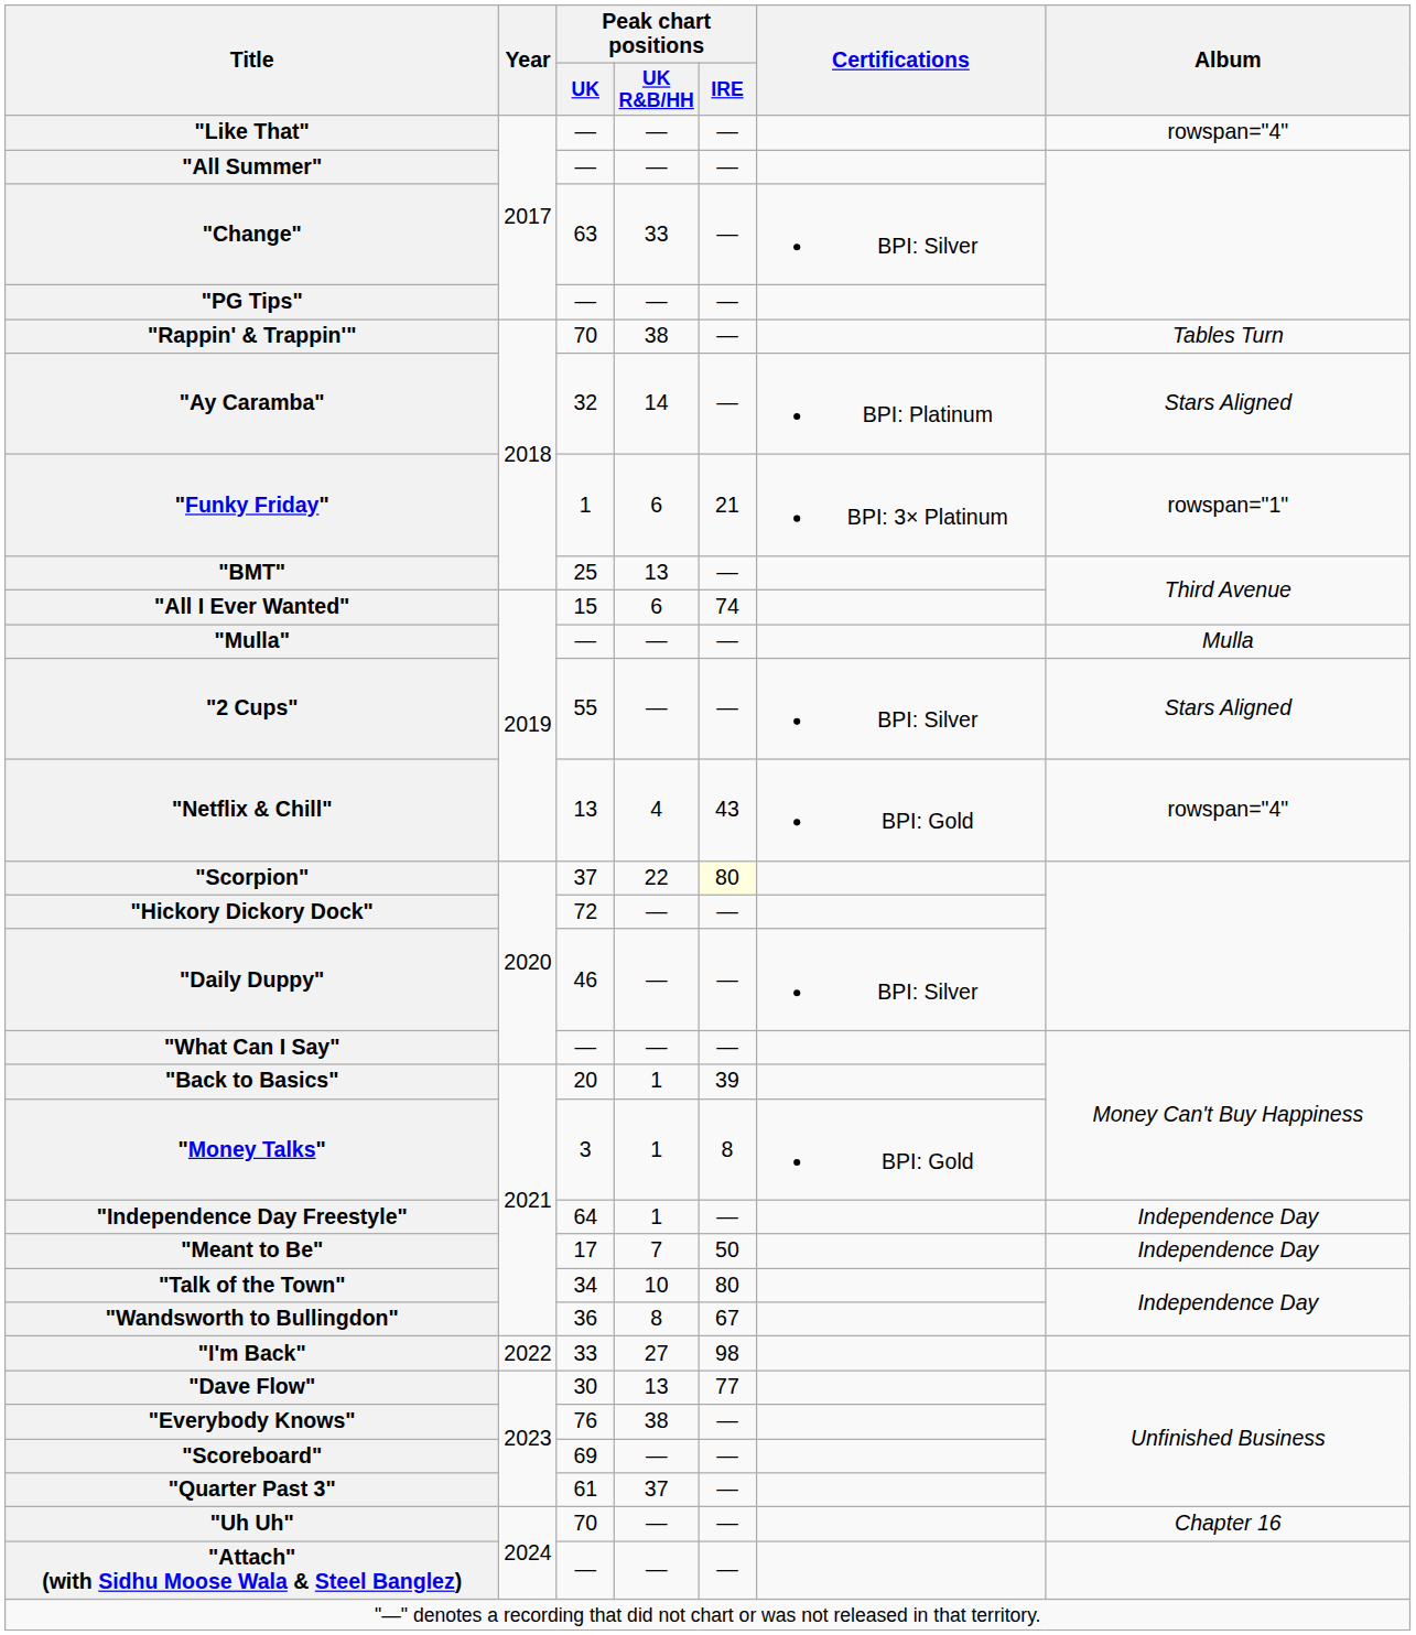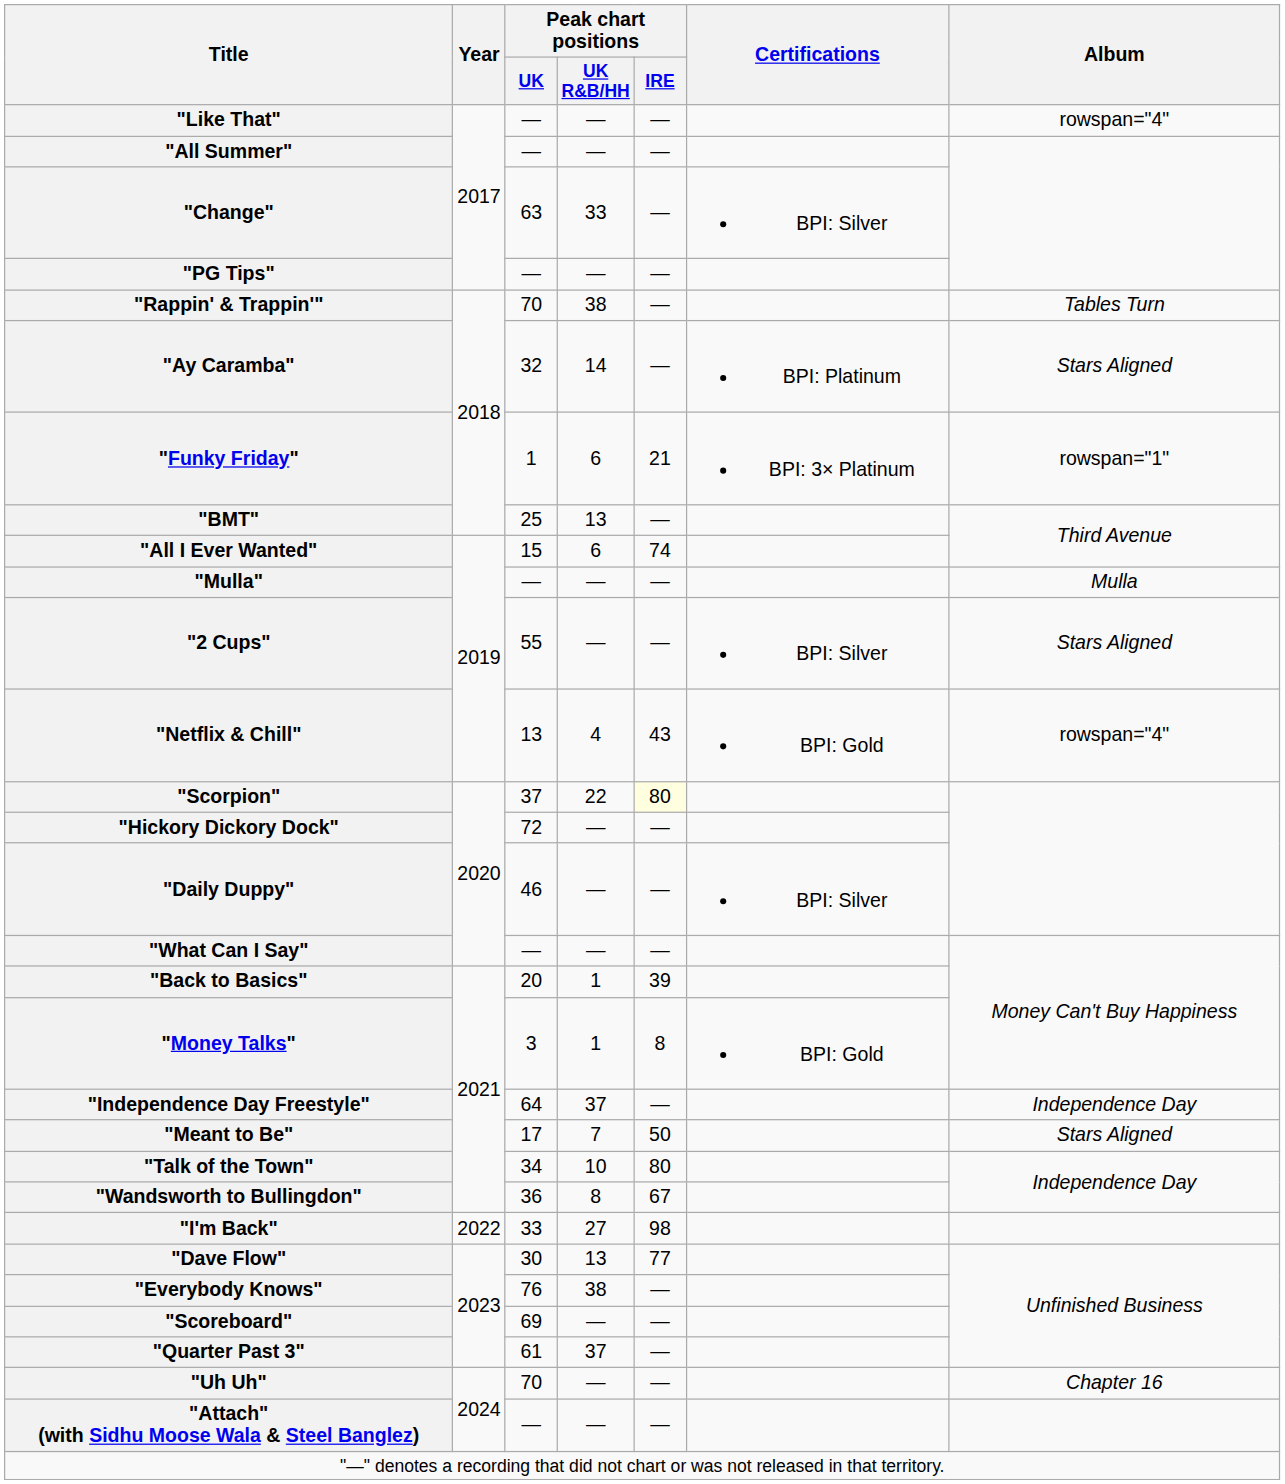 <table class="wikitable plainrowheaders" style="text-align:center;">
 <tr>
 <th scope="col" rowspan="2" style="width:22.5em;">Title</th>
 <th scope="col" rowspan="2" style="width:1em;">Year</th>
 <th scope="col" colspan="3">Peak chart positions</th>
 <th scope="col" rowspan="2" style="width:13em;"><a href='#'>Certifications</a></th>
 <th scope="col" rowspan="2" style="width:16.5em;">Album</th>
 </tr>
 <tr>
 <th scope="col" style="width:2.5em;font-size:90%;"><a href='#'>UK</a><br></th>
 <th scope="col" style="width:2.5em;font-size:90%;"><a href='#'>UK<br>R&B/HH</a><br></th>
 <th scope="col" style="width:2.5em;font-size:90%;"><a href='#'>IRE</a><br></th>
 </tr>
 <tr>
 <th scope="row">"Like That"</th>
 <td rowspan="4">2017</td>
 <td>—</td>
 <td>—</td>
 <td>—</td>
 <td></td>
 <td>rowspan="4" </td>
 </tr>
 <tr>
 <th scope="row">"All Summer"<br></th>
 <td>—</td>
 <td>—</td>
 <td>—</td>
 <td></td>
 </tr>
 <tr>
 <th scope="row">"Change"</th>
 <td>63</td>
 <td>33</td>
 <td>—</td>
 <td><br><ul><li>BPI: Silver</li></ul></td>
 </tr>
 <tr>
 <th scope="row">"PG Tips"<br></th>
 <td>—</td>
 <td>—</td>
 <td>—</td>
 <td></td>
 </tr>
 <tr>
 <th scope="row">"Rappin' & Trappin'"</th>
 <td rowspan="4">2018</td>
 <td>70</td>
 <td>38</td>
 <td>—</td>
 <td></td>
 <td><em>Tables Turn</em></td>
 </tr>
 <tr>
 <th scope="row">"Ay Caramba"<br></th>
 <td>32</td>
 <td>14</td>
 <td>—</td>
 <td><br><ul><li>BPI: Platinum</li></ul></td>
 <td><em>Stars Aligned</em></td>
 </tr>
 <tr>
 <th scope="row">"<a href='#'>Funky Friday</a>"<br></th>
 <td>1</td>
 <td>6</td>
 <td>21</td>
 <td><br><ul><li>BPI: 3× Platinum</li></ul></td>
 <td>rowspan="1" </td>
 </tr>
 <tr>
 <th scope="row">"BMT"</th>
 <td>25</td>
 <td>13</td>
 <td>—</td>
 <td></td>
 <td rowspan="2"><em>Third Avenue</em></td>
 </tr>
 <tr>
 <th scope="row">"All I Ever Wanted"<br></th>
 <td rowspan="4">2019</td>
 <td>15</td>
 <td>6</td>
 <td>74</td>
 <td></td>
 </tr>
 <tr>
 <th scope="row">"Mulla"<br></th>
 <td>—</td>
 <td>—</td>
 <td>—</td>
 <td></td>
 <td><em>Mulla</em></td>
 </tr>
 <tr>
 <th scope="row">"2 Cups"<br></th>
 <td>55</td>
 <td>—</td>
 <td>—</td>
 <td><br><ul><li>BPI: Silver</li></ul></td>
 <td><em>Stars Aligned</em></td>
 </tr>
 <tr>
 <th scope="row">"Netflix & Chill"</th>
 <td>13</td>
 <td>4</td>
 <td>43</td>
 <td><br><ul><li>BPI: Gold</li></ul></td>
 <td>rowspan="4" </td>
 </tr>
 <tr>
 <th scope="row">"Scorpion"</th>
 <td rowspan="4">2020</td>
 <td>37</td>
 <td>22</td>
 <td style="background: lightyellow;">80</td>
 <td></td>
 </tr>
 <tr>
 <th scope="row">"Hickory Dickory Dock"</th>
 <td>72</td>
 <td>—</td>
 <td>—</td>
 <td></td>
 </tr>
 <tr>
 <th scope="row">"Daily Duppy"<br></th>
 <td>46</td>
 <td>—</td>
 <td>—</td>
 <td><br><ul><li>BPI: Silver</li></ul></td>
 </tr>
 <tr>
 <th scope="row">"What Can I Say"</th>
 <td>—</td>
 <td>—</td>
 <td>—</td>
 <td></td>
 <td rowspan="3"><em>Money Can't Buy Happiness</em></td>
 </tr>
 <tr>
 <th scope="row">"Back to Basics"</th>
 <td rowspan="6">2021</td>
 <td>20</td>
 <td>1</td>
 <td>39</td>
 <td></td>
 </tr>
 <tr>
 <th scope="row">"<a href='#'>Money Talks</a>"<br></th>
 <td>3</td>
 <td>1</td>
 <td>8</td>
 <td><br><ul><li>BPI: Gold</li></ul></td>
 </tr>
 <tr>
 <th scope="row">"Independence Day Freestyle"</th>
 <td>64</td>
-<td>1</td>
+<td>37</td>
 <td>—</td>
 <td></td>
 <td><em>Independence Day</em></td>
 </tr>
 <tr>
 <th scope="row">"Meant to Be"<br></th>
 <td>17</td>
 <td>7</td>
 <td>50</td>
 <td></td>
-<td><em>Independence Day</em></td>
+<td><em>Stars Aligned</em></td>
 </tr>
 <tr>
 <th scope="row">"Talk of the Town"</th>
 <td>34</td>
 <td>10</td>
 <td>80</td>
 <td></td>
 <td rowspan="2"><em>Independence Day</em></td>
 </tr>
 <tr>
 <th scope="row">"Wandsworth to Bullingdon"<br></th>
 <td>36</td>
 <td>8</td>
 <td>67</td>
 <td></td>
 </tr>
 <tr>
 <th scope="row">"I'm Back"</th>
 <td>2022</td>
 <td>33</td>
 <td>27</td>
 <td>98</td>
 <td></td>
 <td></td>
 </tr>
 <tr>
 <th scope="row">"Dave Flow"</th>
 <td rowspan="4">2023</td>
 <td>30</td>
 <td>13</td>
 <td>77<br></td>
 <td></td>
 <td rowspan="4"><em>Unfinished Business</em></td>
 </tr>
 <tr>
 <th scope="row">"Everybody Knows"</th>
 <td>76</td>
 <td>38</td>
 <td>—</td>
 <td></td>
 </tr>
 <tr>
 <th scope="row">"Scoreboard"<br></th>
 <td>69</td>
 <td>—</td>
 <td>—</td>
 <td></td>
 </tr>
 <tr>
 <th scope="row">"Quarter Past 3"<br></th>
 <td>61</td>
 <td>37</td>
 <td>—</td>
 <td></td>
 </tr>
 <tr>
 <th scope="row">"Uh Uh"<br></th>
 <td rowspan="2">2024</td>
 <td>70</td>
 <td>—</td>
 <td>—</td>
 <td></td>
 <td><em>Chapter 16</em></td>
 </tr>
 <tr>
 <th scope="row">"Attach"<br><span>(with <a href='#'>Sidhu Moose Wala</a> & <a href='#'>Steel Banglez</a>)</span></th>
 <td>—</td>
 <td>—</td>
 <td>—</td>
 <td></td>
 <td></td>
 </tr>
 <tr>
 <td colspan="7" style="font-size:90%">"—" denotes a recording that did not chart or was not released in that territory.</td>
 </tr>
 </table>
